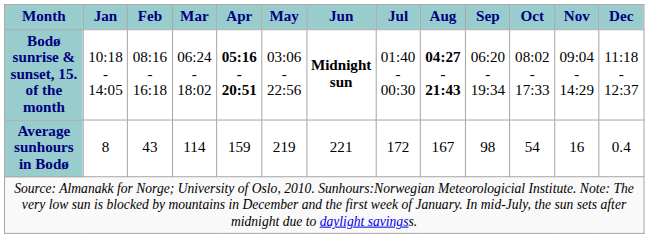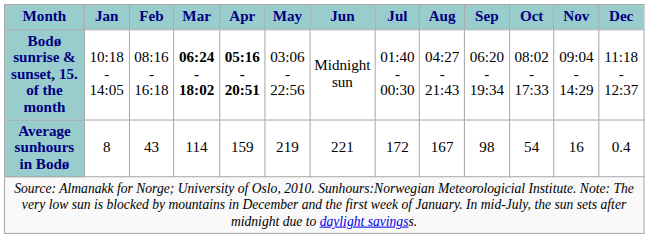 <table class="wikitable" style="font-size:90%;border:0px;text-align:center;line-height:110%;">
 <tr>
 <th style="background: #99CCCC; color: #000080" height="17">Month</th>
 <th style="background: #99CCCC; color:#000080;">Jan</th>
 <th style="background: #99CCCC; color:#000080;">Feb</th>
 <th style="background: #99CCCC; color:#000080;">Mar</th>
 <th style="background: #99CCCC; color:#000080;">Apr</th>
 <th style="background: #99CCCC; color:#000080;">May</th>
 <th style="background: #99CCCC; color:#000080;">Jun</th>
 <th style="background: #99CCCC; color:#000080;">Jul</th>
 <th style="background: #99CCCC; color:#000080;">Aug</th>
 <th style="background: #99CCCC; color:#000080;">Sep</th>
 <th style="background: #99CCCC; color:#000080;">Oct</th>
 <th style="background: #99CCCC; color:#000080;">Nov</th>
 <th style="background: #99CCCC; color:#000080;">Dec</th>
 </tr>
 <tr>
 <th style="background: #99CCCC; color:#000080;">Bodø sunrise & sunset, 15. of the month</th>
 <td style="background: #FFFFFF; color:#000000;">10:18 - 14:05</td>
 <td style="background: #FFFFFF; color:#000000;">08:16 - 16:18</td>
-<td style="background: #FFFFFF; color:#000000;">06:24 - 18:02</td>
+<td style="background: #FFFFFF; color:#000000;"><strong>06:24 - 18:02</strong></td>
 <td style="background: #FFFFFF; color:#000000;"><strong>05:16 - 20:51</strong></td>
 <td style="background: #FFFFFF; color:#000000;">03:06 - 22:56</td>
-<td style="background: #FFFFFF; color:#000000;"><strong>Midnight sun</strong></td>
+<td style="background: #FFFFFF; color:#000000;">Midnight sun</td>
 <td style="background: #FFFFFF; color:#000000;">01:40 - 00:30</td>
-<td style="background: #FFFFFF; color:#000000;"><strong>04:27 - 21:43</strong></td>
+<td style="background: #FFFFFF; color:#000000;">04:27 - 21:43</td>
 <td style="background: #FFFFFF; color:#000000;">06:20 - 19:34</td>
 <td style="background: #FFFFFF; color:#000000;">08:02 - 17:33</td>
 <td style="background: #FFFFFF; color:#000000;">09:04 - 14:29</td>
 <td style="background: #FFFFFF; color:#000000;">11:18 - 12:37</td>
 </tr>
 <tr>
 <th style="background: #99CCCC; color:#000080;">Average sunhours in Bodø</th>
 <td style="background: #FFFFFF; color:#000000;">8</td>
 <td style="background: #FFFFFF; color:#000000;">43</td>
 <td style="background: #FFFFFF; color:#000000;">114</td>
 <td style="background: #FFFFFF; color:#000000;">159</td>
 <td style="background: #FFFFFF; color:#000000;">219</td>
 <td style="background: #FFFFFF; color:#000000;">221</td>
 <td style="background: #FFFFFF; color:#000000;">172</td>
 <td style="background: #FFFFFF; color:#000000;">167</td>
 <td style="background: #FFFFFF; color:#000000;">98</td>
 <td style="background: #FFFFFF; color:#000000;">54</td>
 <td style="background: #FFFFFF; color:#000000;">16</td>
 <td style="background: #FFFFFF; color:#000000;">0.4</td>
 </tr>
 <tr>
 <td colspan=14 style="text-align:center;font-size:90%;"><em>Source: Almanakk for Norge; University of Oslo, 2010. Sunhours:Norwegian Meteorologicial Institute. Note: The very low sun is blocked by mountains in December and the first week of January. In mid-July, the sun sets after midnight due to <a href='#'>daylight savings</a>s.</em></td>
 </tr>
 </table>
